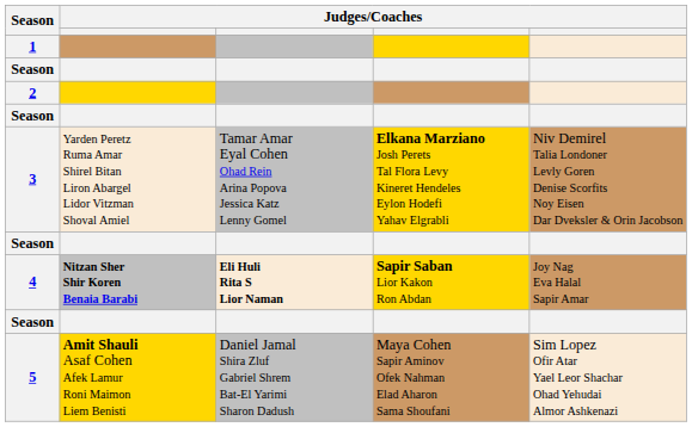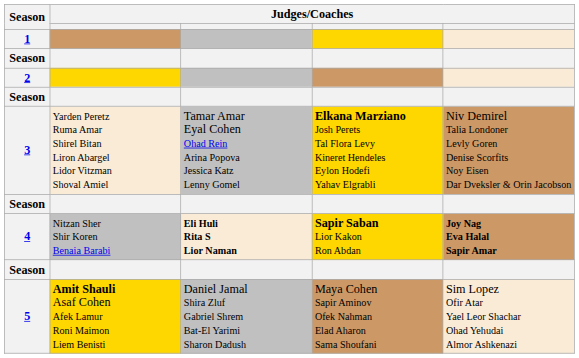 <table class="wikitable">
 <tr>
 <th rowspan="2" style="width:5%;">Season</th>
 <th colspan="4" style="width:95%;">Judges/Coaches</th>
 </tr>
 <tr>
 <th style="width:23%;" scope="col"></th>
 <th style="width:23%;" scope="col"></th>
 <th style="width:23%;" scope="col"></th>
 <th style="width:23%;" scope="col"></th>
 </tr>
 <tr>
 <th scope="row"><a href='#'>1</a></th>
 <td style="background:#c96;"></td>
 <td style="background:silver;"></td>
 <td style="background:gold;"></td>
 <td bgcolor="AntiqueWhite"></td>
 </tr>
 <tr>
 <th style="width:8%;" scope="col">Season</th>
 <th style="width:23%;" scope="col"></th>
 <th style="width:23%;" scope="col"></th>
 <th style="width:23%;" scope="col"></th>
 <th style="width:23%;" scope="col"></th>
 </tr>
 <tr>
 <th scope="row"><a href='#'>2</a></th>
 <td style="background:gold;"></td>
 <td style="background:silver;"></td>
 <td style="background:#c96;"></td>
 <td bgcolor="AntiqueWhite"></td>
 </tr>
 <tr>
 <th style="width:8%;" scope="col">Season</th>
 <th style="width:23%;" scope="col"></th>
 <th style="width:23%;" scope="col"></th>
 <th style="width:23%;" scope="col"></th>
 <th style="width:23%;" scope="col"></th>
 </tr>
 <tr>
 <th scope="row"><a href='#'>3</a></th>
 <td bgcolor="AntiqueWhite"><small>Yarden Peretz<br>Ruma Amar<br>Shirel Bitan<br>Liron Abargel<br>Lidor Vitzman<br>Shoval Amiel</small></td>
 <td style="background:silver;">Tamar Amar<br>Eyal Cohen<br><small><a href='#'>Ohad Rein</a><br>Arina Popova<br>Jessica Katz<br>Lenny Gomel</small></td>
 <td style="background:gold;"><strong>Elkana Marziano</strong><br><small>Josh Perets<br>Tal Flora Levy<br>Kineret Hendeles<br>Eylon Hodefi<br>Yahav Elgrabli</small></td>
 <td style="background:#c96;">Niv Demirel<br><small>Talia Londoner<br>Levly Goren<br>Denise Scorfits<br>Noy Eisen<br>Dar Dveksler & Orin Jacobson</small></td>
 </tr>
 <tr>
 <th style="width:8%;" scope="col">Season</th>
 <th style="width:23%;" scope="col"></th>
 <th style="width:23%;" scope="col"></th>
 <th style="width:23%;" scope="col"></th>
 <th style="width:23%;" scope="col"></th>
 </tr>
 <tr>
 <th scope="row"><a href='#'>4</a></th>
-<td style="background:silver;"><strong><small>Nitzan Sher<br>Shir Koren<br><a href='#'>Benaia Barabi</a></small></strong></td>
+<td style="background:silver;"><small>Nitzan Sher<br>Shir Koren<br><a href='#'>Benaia Barabi</a></small></td>
 <td bgcolor="AntiqueWhite"><strong><small>Eli Huli<br>Rita S<br>Lior Naman</small></strong></td>
 <td style="background:gold;"><strong>Sapir Saban</strong><br><small>Lior Kakon<br>Ron Abdan</small></td>
-<td style="background:#c96;"><small>Joy Nag<br>Eva Halal<br>Sapir Amar</small></td>
+<td style="background:#c96;"><strong><small>Joy Nag<br>Eva Halal<br>Sapir Amar</small></strong></td>
 </tr>
 <tr>
 <th style="width:8%;" scope="col">Season</th>
 <th style="width:23%;" scope="col"></th>
 <th style="width:23%;" scope="col"></th>
 <th style="width:23%;" scope="col"></th>
 <th style="width:23%;" scope="col"></th>
 </tr>
 <tr>
 <th scope="row"><a href='#'>5</a></th>
 <td style="background:gold;"><strong>Amit Shauli</strong><br>Asaf Cohen<br><small>Afek Lamur<br>Roni Maimon<br>Liem Benisti</small></td>
 <td style="background:silver;">Daniel Jamal<br><small>Shira Zluf<br>Gabriel Shrem<br>Bat-El Yarimi<br>Sharon Dadush</small></td>
 <td style="background:#c96;">Maya Cohen<br><small>Sapir Aminov<br>Ofek Nahman<br>Elad Aharon<br>Sama Shoufani</small></td>
 <td bgcolor="AntiqueWhite">Sim Lopez<br><small>Ofir Atar<br>Yael Leor Shachar<br>Ohad Yehudai<br>Almor Ashkenazi</small></td>
 </tr>
 </table>
